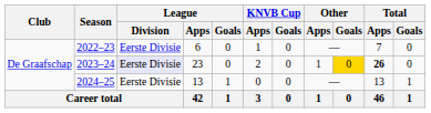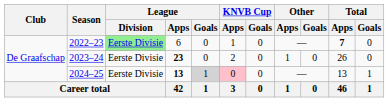 <table class="wikitable" style="text-align:center">
 <tr>
 <th rowspan="2">Club</th>
 <th rowspan="2">Season</th>
 <th colspan="3">League</th>
 <th colspan="2"><a href='#'>KNVB Cup</a></th>
 <th colspan="2">Other</th>
 <th colspan="2">Total</th>
 </tr>
 <tr>
 <th>Division</th>
 <th>Apps</th>
 <th>Goals</th>
 <th>Apps</th>
 <th>Goals</th>
 <th>Apps</th>
 <th>Goals</th>
 <th>Apps</th>
 <th>Goals</th>
 </tr>
 <tr>
 <td rowspan="3"><a href='#'>De Graafschap</a></td>
 <td><a href='#'>2022–23</a></td>
-<td><a href='#'>Eerste Divisie</a></td>
+<td style="background: lightgreen;"><a href='#'>Eerste Divisie</a></td>
 <td>6</td>
 <td>0</td>
 <td>1</td>
 <td>0</td>
 <td colspan="2">—</td>
-<td>7</td>
+<td><strong>7</strong></td>
 <td>0</td>
 </tr>
 <tr>
 <td><a href='#'>2023–24</a></td>
-<td style="background: lavender;">Eerste Divisie</td>
-<td>23</td>
+<td>Eerste Divisie</td>
+<td><strong>23</strong></td>
 <td>0</td>
 <td>2</td>
 <td>0</td>
 <td>1</td>
-<td style="background: gold;">0</td>
-<td><strong>26</strong></td>
+<td>0</td>
+<td>26</td>
 <td>0</td>
 </tr>
 <tr>
 <td><a href='#'>2024–25</a></td>
 <td>Eerste Divisie</td>
-<td>13</td>
-<td>1</td>
-<td>0</td>
+<td><strong>13</strong></td>
+<td style="background: lightgrey;">1</td>
+<td style="background: pink;">0</td>
 <td>0</td>
 <td colspan="2">—</td>
 <td>13</td>
 <td>1</td>
 </tr>
 <tr>
 <th colspan="3">Career total</th>
 <th>42</th>
 <th>1</th>
 <th>3</th>
 <th>0</th>
 <th>1</th>
 <th>0</th>
 <th>46</th>
 <th>1</th>
 </tr>
 </table>
